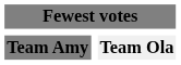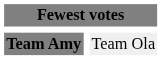 <table cellpadding=2 cellspacing=6>
 <tr bgcolor=#808080>
 <td colspan="3" align="center"><strong>Fewest votes</strong></td>
 </tr>
 <tr>
 <td bgcolor="#808080"><strong>Team Amy</strong></td>
-<td bgcolor="#F0F0F0"><strong>Team Ola</strong></td>
+<td bgcolor="#F0F0F0">Team Ola</td>
 </tr>
 </table>
